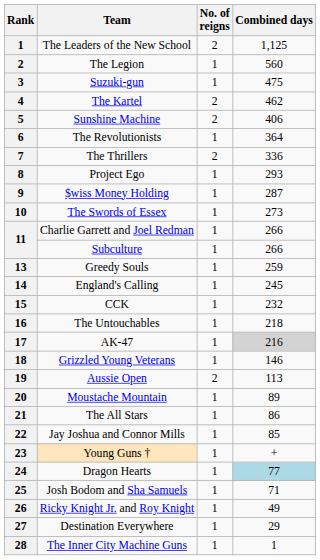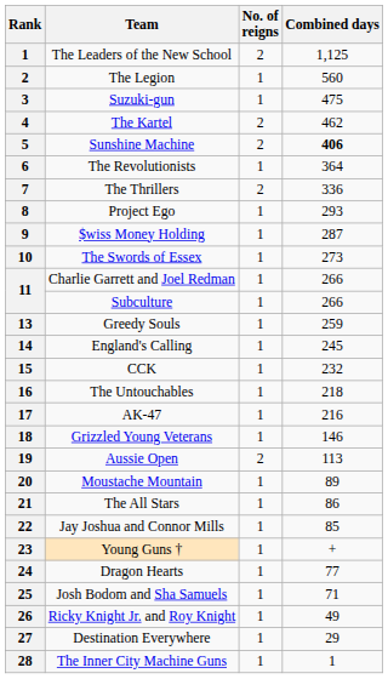 <table class="wikitable sortable" style="text-align: center">
 <tr>
 <th>Rank</th>
 <th>Team</th>
 <th>No. of<br>reigns</th>
 <th>Combined days</th>
 </tr>
 <tr>
 <th>1</th>
 <td>The Leaders of the New School<br></td>
 <td>2</td>
 <td>1,125</td>
 </tr>
 <tr>
 <th>2</th>
 <td>The Legion<br></td>
 <td>1</td>
 <td>560</td>
 </tr>
 <tr>
 <th>3</th>
 <td><a href='#'>Suzuki-gun</a><br></td>
 <td>1</td>
 <td>475</td>
 </tr>
 <tr>
 <th>4</th>
 <td><a href='#'>The Kartel</a><br></td>
 <td>2</td>
 <td>462</td>
 </tr>
 <tr>
 <th>5</th>
 <td><a href='#'>Sunshine Machine</a> <br></td>
 <td>2</td>
-<td>406</td>
+<td><strong>406</strong></td>
 </tr>
 <tr>
 <th>6</th>
 <td>The Revolutionists<br></td>
 <td>1</td>
 <td>364</td>
 </tr>
 <tr>
 <th>7</th>
 <td>The Thrillers<br></td>
 <td>2</td>
 <td>336</td>
 </tr>
 <tr>
 <th>8</th>
 <td>Project Ego<br></td>
 <td>1</td>
 <td>293</td>
 </tr>
 <tr>
 <th>9</th>
 <td><a href='#'>$wiss Money Holding</a><br></td>
 <td>1</td>
 <td>287</td>
 </tr>
 <tr>
 <th>10</th>
 <td><a href='#'>The Swords of Essex</a><br></td>
 <td>1</td>
 <td>273</td>
 </tr>
 <tr>
 <th rowspan=2>11</th>
 <td>Charlie Garrett and <a href='#'>Joel Redman</a></td>
 <td>1</td>
 <td>266</td>
 </tr>
 <tr>
 <td><a href='#'>Subculture</a><br></td>
 <td>1</td>
 <td>266</td>
 </tr>
 <tr>
 <th>13</th>
 <td>Greedy Souls<br></td>
 <td>1</td>
 <td>259</td>
 </tr>
 <tr>
 <th>14</th>
 <td>England's Calling<br></td>
 <td>1</td>
 <td>245</td>
 </tr>
 <tr>
 <th>15</th>
 <td>CCK<br></td>
 <td>1</td>
 <td>232</td>
 </tr>
 <tr>
 <th>16</th>
 <td>The Untouchables<br></td>
 <td>1</td>
 <td>218</td>
 </tr>
 <tr>
 <th>17</th>
 <td>AK-47<br></td>
 <td>1</td>
-<td style="background: lightgrey;">216</td>
+<td>216</td>
 </tr>
 <tr>
 <th>18</th>
 <td><a href='#'>Grizzled Young Veterans</a><br></td>
 <td>1</td>
 <td>146</td>
 </tr>
 <tr>
 <th>19</th>
 <td><a href='#'>Aussie Open</a><br></td>
 <td>2</td>
 <td>113</td>
 </tr>
 <tr>
 <th>20</th>
 <td><a href='#'>Moustache Mountain</a><br></td>
 <td>1</td>
 <td>89</td>
 </tr>
 <tr>
 <th>21</th>
 <td>The All Stars<br></td>
 <td>1</td>
 <td>86</td>
 </tr>
 <tr>
 <th>22</th>
 <td>Jay Joshua and Connor Mills</td>
 <td>1</td>
 <td>85</td>
 </tr>
 <tr>
 <th>23</th>
 <td style="background-color:#ffe6bd">Young Guns †<br></td>
 <td>1</td>
 <td>+</td>
 </tr>
 <tr>
 <th>24</th>
 <td>Dragon Hearts<br></td>
 <td>1</td>
-<td style="background: lightblue;">77</td>
+<td>77</td>
 </tr>
 <tr>
 <th>25</th>
 <td>Josh Bodom and <a href='#'>Sha Samuels</a></td>
 <td>1</td>
 <td>71</td>
 </tr>
 <tr>
 <th>26</th>
 <td><a href='#'>Ricky Knight Jr.</a> and <a href='#'>Roy Knight</a></td>
 <td>1</td>
 <td>49</td>
 </tr>
 <tr>
 <th>27</th>
 <td>Destination Everywhere<br></td>
 <td>1</td>
 <td>29</td>
 </tr>
 <tr>
 <th>28</th>
 <td><a href='#'>The Inner City Machine Guns</a><br></td>
 <td>1</td>
 <td>1</td>
 </tr>
 </table>
